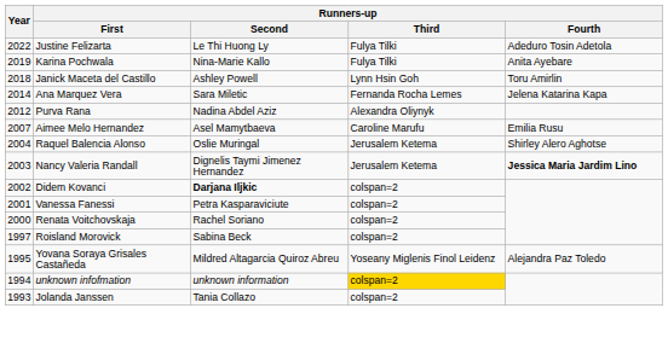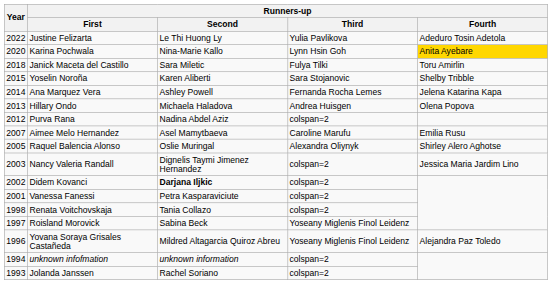 <table class="wikitable sortable" style="font-size:85%;">
 <tr>
 <th rowspan="2">Year</th>
 <th colspan="4">Runners-up</th>
 </tr>
 <tr>
 <th width="200">First</th>
 <th width="200">Second</th>
 <th width="200">Third</th>
 <th width="200">Fourth</th>
 </tr>
 <tr>
 <td>2022</td>
 <td>Justine Felizarta<br></td>
 <td>Le Thi Huong Ly<br></td>
-<td>Fulya Tilki<br></td>
+<td>Yulia Pavlikova<br></td>
 <td>Adeduro Tosin Adetola<br></td>
 </tr>
 <tr>
-<td>2019</td>
+<td>2020</td>
 <td>Karina Pochwala<br></td>
 <td>Nina-Marie Kallo<br></td>
-<td>Fulya Tilki<br></td>
-<td>Anita Ayebare<br></td>
+<td>Lynn Hsin Goh<br></td>
+<td style="background: gold;">Anita Ayebare<br></td>
 </tr>
 <tr>
 <td>2018</td>
 <td>Janick Maceta del Castillo<br></td>
-<td>Ashley Powell<br></td>
-<td>Lynn Hsin Goh<br></td>
+<td>Sara Miletic<br></td>
+<td>Fulya Tilki<br></td>
 <td>Toru Amirlin<br></td>
+</tr>
+<tr>
+<td>2015</td>
+<td>Yoselin Noroña<br></td>
+<td>Karen Aliberti<br></td>
+<td>Sara Stojanovic<br></td>
+<td>Shelby Tribble<br></td>
 </tr>
 <tr>
 <td>2014</td>
 <td>Ana Marquez Vera<br></td>
-<td>Sara Miletic<br></td>
+<td>Ashley Powell<br></td>
 <td>Fernanda Rocha Lemes<br></td>
 <td>Jelena Katarina Kapa<br></td>
+</tr>
+<tr>
+<td>2013</td>
+<td>Hillary Ondo<br></td>
+<td>Michaela Haladova<br></td>
+<td>Andrea Huisgen<br></td>
+<td>Olena Popova<br></td>
 </tr>
 <tr>
 <td>2012</td>
 <td>Purva Rana<br></td>
 <td>Nadina Abdel Aziz<br></td>
-<td>Alexandra Oliynyk<br></td>
+<td>colspan=2 </td>
 </tr>
 <tr>
 <td>2007</td>
 <td>Aimee Melo Hernandez<br></td>
 <td>Asel Mamytbaeva<br></td>
 <td>Caroline Marufu<br></td>
 <td>Emilia Rusu<br></td>
 </tr>
 <tr>
-<td>2004</td>
+<td>2005</td>
 <td>Raquel Balencia Alonso<br></td>
 <td>Oslie Muringal<br></td>
-<td>Jerusalem Ketema<br></td>
+<td>Alexandra Oliynyk<br></td>
 <td>Shirley Alero Aghotse<br></td>
 </tr>
 <tr>
 <td>2003</td>
 <td>Nancy Valeria Randall<br></td>
 <td>Dignelis Taymi Jimenez Hernandez<br></td>
-<td>Jerusalem Ketema<br></td>
-<td><strong>Jessica Maria Jardim Lino<br></strong></td>
+<td>colspan=2 </td>
+<td>Jessica Maria Jardim Lino<br></td>
 </tr>
 <tr>
 <td>2002</td>
 <td>Didem Kovanci<br></td>
 <td><strong>Darjana Iljkic<br></strong></td>
 <td>colspan=2 </td>
 </tr>
 <tr>
 <td>2001</td>
 <td>Vanessa Fanessi<br></td>
 <td>Petra Kasparaviciute<br></td>
 <td>colspan=2 </td>
 </tr>
 <tr>
-<td>2000</td>
+<td>1998</td>
 <td>Renata Voitchovskaja<br></td>
-<td>Rachel Soriano<br></td>
+<td>Tania Collazo<br></td>
 <td>colspan=2 </td>
 </tr>
 <tr>
 <td>1997</td>
 <td>Roisland Morovick<br></td>
 <td>Sabina Beck<br></td>
-<td>colspan=2 </td>
+<td>Yoseany Miglenis Finol Leidenz<br></td>
 </tr>
 <tr>
-<td>1995</td>
+<td>1996</td>
 <td>Yovana Soraya Grisales Castañeda<br></td>
 <td>Mildred Altagarcia Quiroz Abreu<br></td>
 <td>Yoseany Miglenis Finol Leidenz<br></td>
 <td>Alejandra Paz Toledo<br></td>
 </tr>
 <tr>
 <td>1994</td>
 <td><em>unknown infofmation</em><br></td>
 <td><em>unknown information</em><br></td>
-<td style="background: gold;">colspan=2 </td>
+<td>colspan=2 </td>
 </tr>
 <tr>
 <td>1993</td>
 <td>Jolanda Janssen<br></td>
-<td>Tania Collazo<br></td>
+<td>Rachel Soriano<br></td>
 <td>colspan=2 </td>
 </tr>
 </table>
